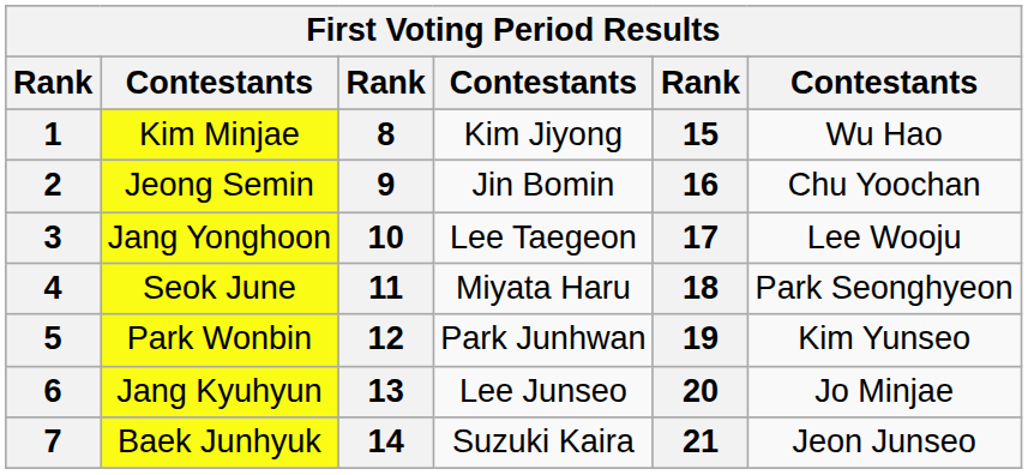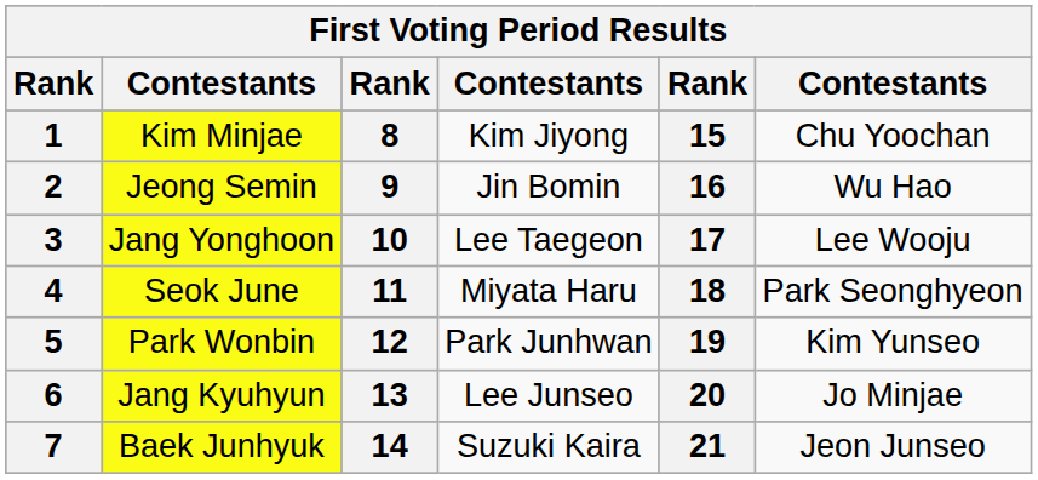 <table class="wikitable mw-collapsible mw-collapsed" style="text-align:center">
 <tr>
 <th colspan="6">First Voting Period Results</th>
 </tr>
 <tr>
 <th scope="col">Rank</th>
 <th scope="col">Contestants</th>
 <th>Rank</th>
 <th>Contestants</th>
 <th>Rank</th>
 <th>Contestants</th>
 </tr>
 <tr>
 <th scope="row">1</th>
 <td style="background:#fafc15">Kim Minjae</td>
 <th>8</th>
 <td>Kim Jiyong</td>
 <th>15</th>
-<td>Wu Hao</td>
+<td>Chu Yoochan</td>
 </tr>
 <tr>
 <th>2</th>
 <td style="background:#fafc15">Jeong Semin</td>
 <th>9</th>
 <td>Jin Bomin</td>
 <th>16</th>
-<td>Chu Yoochan</td>
+<td>Wu Hao</td>
 </tr>
 <tr>
 <th>3</th>
 <td style="background:#fafc15">Jang Yonghoon</td>
 <th>10</th>
 <td>Lee Taegeon</td>
 <th>17</th>
 <td>Lee Wooju</td>
 </tr>
 <tr>
 <th>4</th>
 <td style="background:#fafc15">Seok June</td>
 <th>11</th>
 <td>Miyata Haru</td>
 <th>18</th>
 <td>Park Seonghyeon</td>
 </tr>
 <tr>
 <th>5</th>
 <td style="background:#fafc15">Park Wonbin</td>
 <th>12</th>
 <td>Park Junhwan</td>
 <th>19</th>
 <td>Kim Yunseo</td>
 </tr>
 <tr>
 <th>6</th>
 <td style="background:#fafc15">Jang Kyuhyun</td>
 <th>13</th>
 <td>Lee Junseo</td>
 <th>20</th>
 <td>Jo Minjae</td>
 </tr>
 <tr>
 <th>7</th>
 <td style="background:#fafc15">Baek Junhyuk</td>
 <th>14</th>
 <td>Suzuki Kaira</td>
 <th>21</th>
 <td>Jeon Junseo</td>
 </tr>
 </table>
